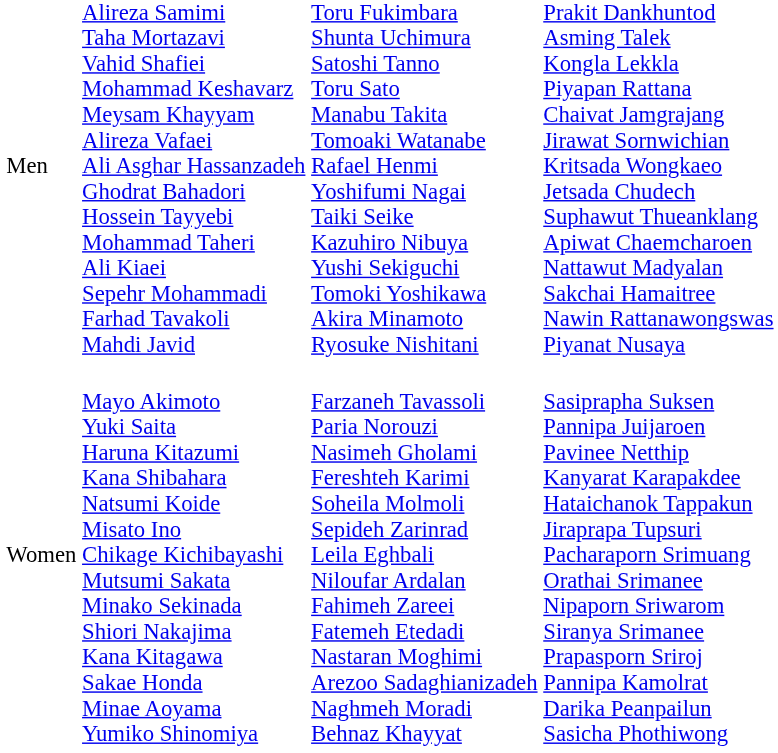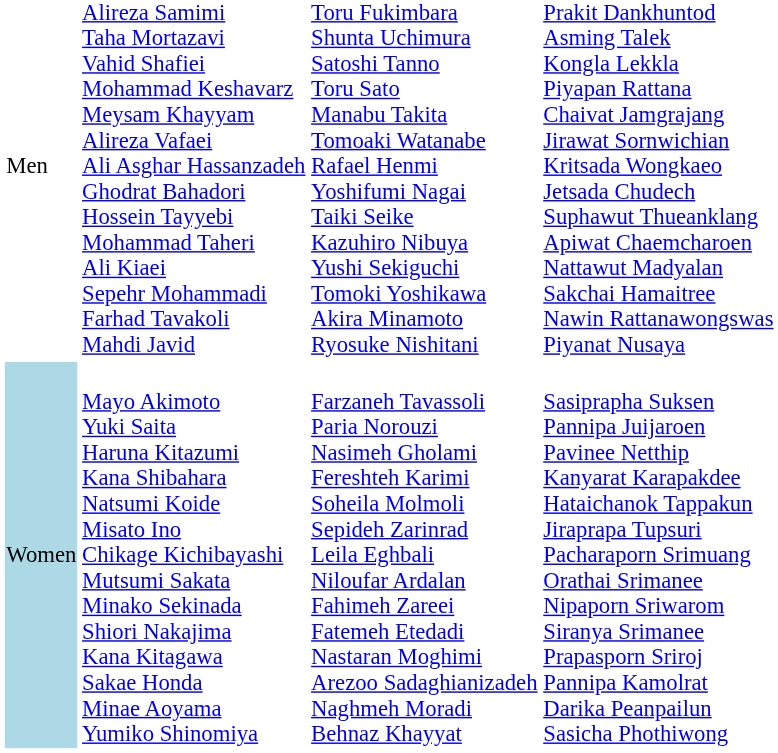 <table>
 <tr>
 <td>Men</td>
 <td><br><a href='#'>Alireza Samimi</a><br><a href='#'>Taha Mortazavi</a><br><a href='#'>Vahid Shafiei</a><br><a href='#'>Mohammad Keshavarz</a><br><a href='#'>Meysam Khayyam</a><br><a href='#'>Alireza Vafaei</a><br><a href='#'>Ali Asghar Hassanzadeh</a><br><a href='#'>Ghodrat Bahadori</a><br><a href='#'>Hossein Tayyebi</a><br><a href='#'>Mohammad Taheri</a><br><a href='#'>Ali Kiaei</a><br><a href='#'>Sepehr Mohammadi</a><br><a href='#'>Farhad Tavakoli</a><br><a href='#'>Mahdi Javid</a></td>
 <td><br><a href='#'>Toru Fukimbara</a><br><a href='#'>Shunta Uchimura</a><br><a href='#'>Satoshi Tanno</a><br><a href='#'>Toru Sato</a><br><a href='#'>Manabu Takita</a><br><a href='#'>Tomoaki Watanabe</a><br><a href='#'>Rafael Henmi</a><br><a href='#'>Yoshifumi Nagai</a><br><a href='#'>Taiki Seike</a><br><a href='#'>Kazuhiro Nibuya</a><br><a href='#'>Yushi Sekiguchi</a><br><a href='#'>Tomoki Yoshikawa</a><br><a href='#'>Akira Minamoto</a><br><a href='#'>Ryosuke Nishitani</a></td>
 <td><br><a href='#'>Prakit Dankhuntod</a><br><a href='#'>Asming Talek</a><br><a href='#'>Kongla Lekkla</a><br><a href='#'>Piyapan Rattana</a><br><a href='#'>Chaivat Jamgrajang</a><br><a href='#'>Jirawat Sornwichian</a><br><a href='#'>Kritsada Wongkaeo</a><br><a href='#'>Jetsada Chudech</a><br><a href='#'>Suphawut Thueanklang</a><br><a href='#'>Apiwat Chaemcharoen</a><br><a href='#'>Nattawut Madyalan</a><br><a href='#'>Sakchai Hamaitree</a><br><a href='#'>Nawin Rattanawongswas</a><br><a href='#'>Piyanat Nusaya</a></td>
 </tr>
 <tr>
-<td>Women</td>
+<td style="background: lightblue;">Women</td>
 <td><br><a href='#'>Mayo Akimoto</a><br><a href='#'>Yuki Saita</a><br><a href='#'>Haruna Kitazumi</a><br><a href='#'>Kana Shibahara</a><br><a href='#'>Natsumi Koide</a><br><a href='#'>Misato Ino</a><br><a href='#'>Chikage Kichibayashi</a><br><a href='#'>Mutsumi Sakata</a><br><a href='#'>Minako Sekinada</a><br><a href='#'>Shiori Nakajima</a><br><a href='#'>Kana Kitagawa</a><br><a href='#'>Sakae Honda</a><br><a href='#'>Minae Aoyama</a><br><a href='#'>Yumiko Shinomiya</a></td>
 <td><br><a href='#'>Farzaneh Tavassoli</a><br><a href='#'>Paria Norouzi</a><br><a href='#'>Nasimeh Gholami</a><br><a href='#'>Fereshteh Karimi</a><br><a href='#'>Soheila Molmoli</a><br><a href='#'>Sepideh Zarinrad</a><br><a href='#'>Leila Eghbali</a><br><a href='#'>Niloufar Ardalan</a><br><a href='#'>Fahimeh Zareei</a><br><a href='#'>Fatemeh Etedadi</a><br><a href='#'>Nastaran Moghimi</a><br><a href='#'>Arezoo Sadaghianizadeh</a><br><a href='#'>Naghmeh Moradi</a><br><a href='#'>Behnaz Khayyat</a></td>
 <td><br><a href='#'>Sasiprapha Suksen</a><br><a href='#'>Pannipa Juijaroen</a><br><a href='#'>Pavinee Netthip</a><br><a href='#'>Kanyarat Karapakdee</a><br><a href='#'>Hataichanok Tappakun</a><br><a href='#'>Jiraprapa Tupsuri</a><br><a href='#'>Pacharaporn Srimuang</a><br><a href='#'>Orathai Srimanee</a><br><a href='#'>Nipaporn Sriwarom</a><br><a href='#'>Siranya Srimanee</a><br><a href='#'>Prapasporn Sriroj</a><br><a href='#'>Pannipa Kamolrat</a><br><a href='#'>Darika Peanpailun</a><br><a href='#'>Sasicha Phothiwong</a></td>
 </tr>
 </table>
